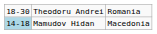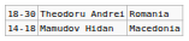 <table class="wikitable">
 <tr>
 <td>18-30</td>
 <td>Theodoru Andrei</td>
 <td>Romania</td>
 </tr>
 <tr>
-<td style="background: lightblue;">14-18</td>
+<td>14-18</td>
 <td>Mamudov Hidan</td>
 <td>Macedonia</td>
 </tr>
 </table>
